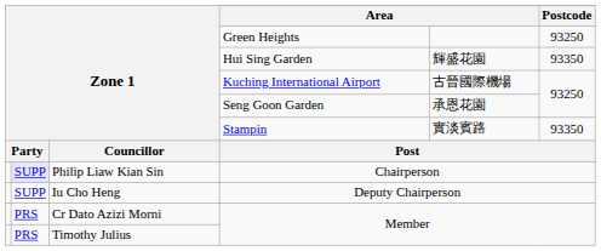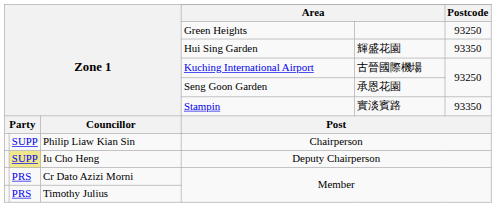 <table class="wikitable">
 <tr>
 <th width="220" colspan="4" rowspan="7"><br><h3>Zone 1</h3></th>
 </tr>
 <tr>
 <th ! align=center width="380" colspan="2">Area</th>
 <th align=center><strong>Postcode</strong></th>
 </tr>
 <tr>
 <td>Green Heights</td>
 <td></td>
 <td align=center>93250</td>
 </tr>
 <tr>
 <td>Hui Sing Garden</td>
 <td>輝盛花園</td>
 <td align=center>93350</td>
 </tr>
 <tr>
 <td><a href='#'>Kuching International Airport</a></td>
 <td>古晉國際機場</td>
 <td align=center rowspan="2">93250</td>
 </tr>
 <tr>
 <td>Seng Goon Garden</td>
 <td>承恩花園</td>
 </tr>
 <tr>
 <td><a href='#'>Stampin</a></td>
 <td>實淡賓路</td>
 <td align=center>93350</td>
 </tr>
 <tr>
 <th colspan="2">Party</th>
 <th width="200" colspan="2">Councillor</th>
 <th colspan="3">Post</th>
 </tr>
 <tr>
 <td></td>
-<td style="background: lavender;"><a href='#'>SUPP</a></td>
+<td><a href='#'>SUPP</a></td>
 <td colspan="2">Philip Liaw Kian Sin</td>
 <td align=center colspan="3">Chairperson</td>
 </tr>
 <tr>
 <td></td>
-<td><a href='#'>SUPP</a></td>
+<td style="background: khaki;"><a href='#'>SUPP</a></td>
 <td colspan="2">Iu Cho Heng</td>
 <td align=center colspan="3">Deputy Chairperson</td>
 </tr>
 <tr>
 <td></td>
 <td><a href='#'>PRS</a></td>
 <td colspan="2">Cr Dato Azizi Morni</td>
 <td align=center colspan="3" rowspan="2">Member</td>
 </tr>
 <tr>
 <td></td>
 <td><a href='#'>PRS</a></td>
 <td colspan="2">Timothy Julius</td>
 </tr>
 </table>
